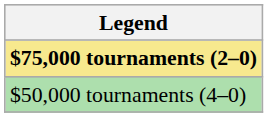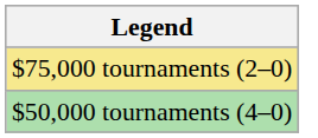 <table class="wikitable" style=font-size:85%>
 <tr>
 <th>Legend</th>
 </tr>
 <tr style="background:#f7e98e">
-<td><strong>$75,000 tournaments (2–0)</strong></td>
+<td>$75,000 tournaments (2–0)</td>
 </tr>
 <tr style="background:#addfad">
 <td>$50,000 tournaments (4–0)</td>
 </tr>
 </table>
